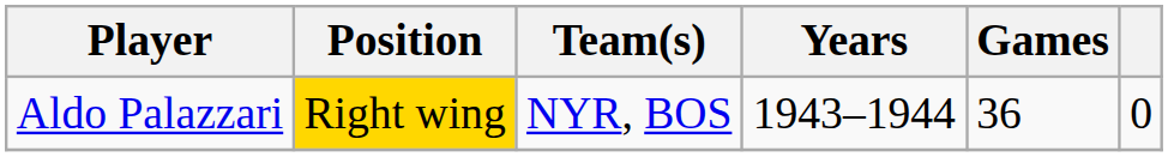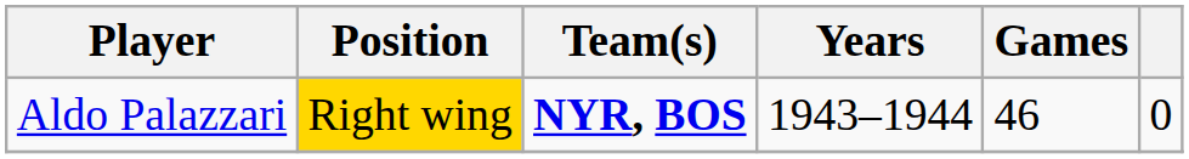 <table class="wikitable">
 <tr>
 <th>Player</th>
 <th>Position</th>
 <th>Team(s)</th>
 <th>Years</th>
 <th>Games</th>
 <th><a href='#'></a></th>
 </tr>
 <tr>
 <td><a href='#'>Aldo Palazzari</a></td>
 <td style="background: gold;">Right wing</td>
-<td><a href='#'>NYR</a>, <a href='#'>BOS</a></td>
+<td><strong><a href='#'>NYR</a>, <a href='#'>BOS</a></strong></td>
 <td>1943–1944</td>
-<td>36</td>
+<td>46</td>
 <td>0</td>
 </tr>
 <tr>
 </tr>
 </table>
